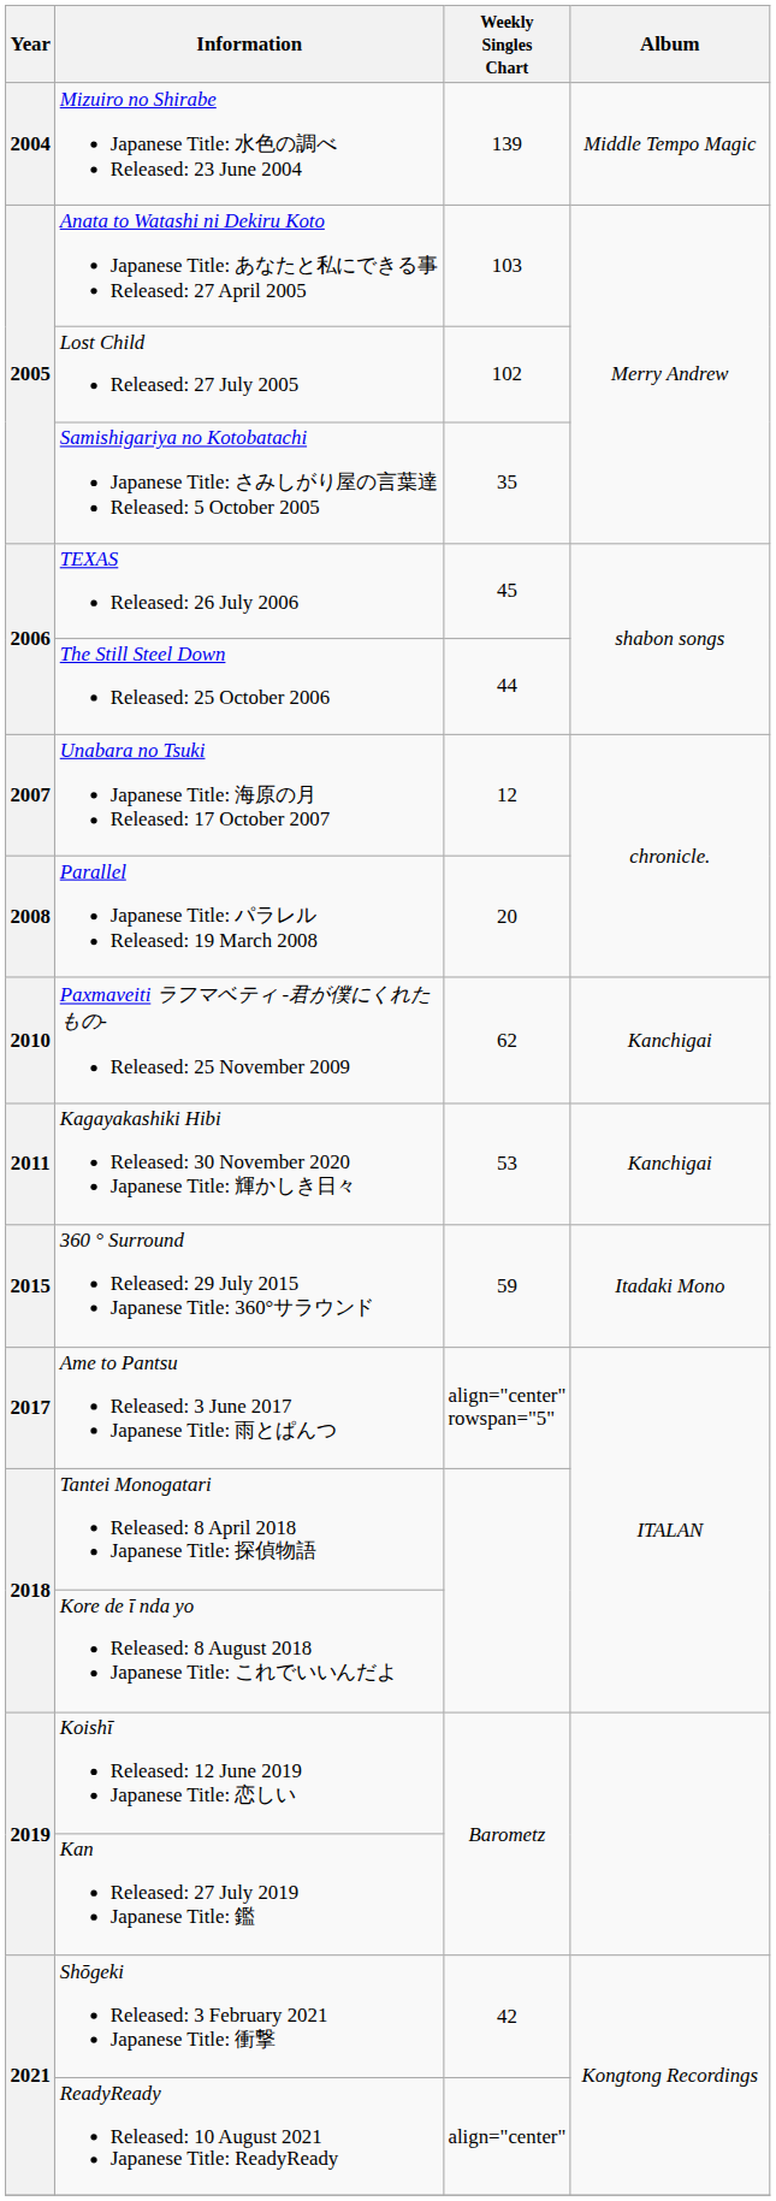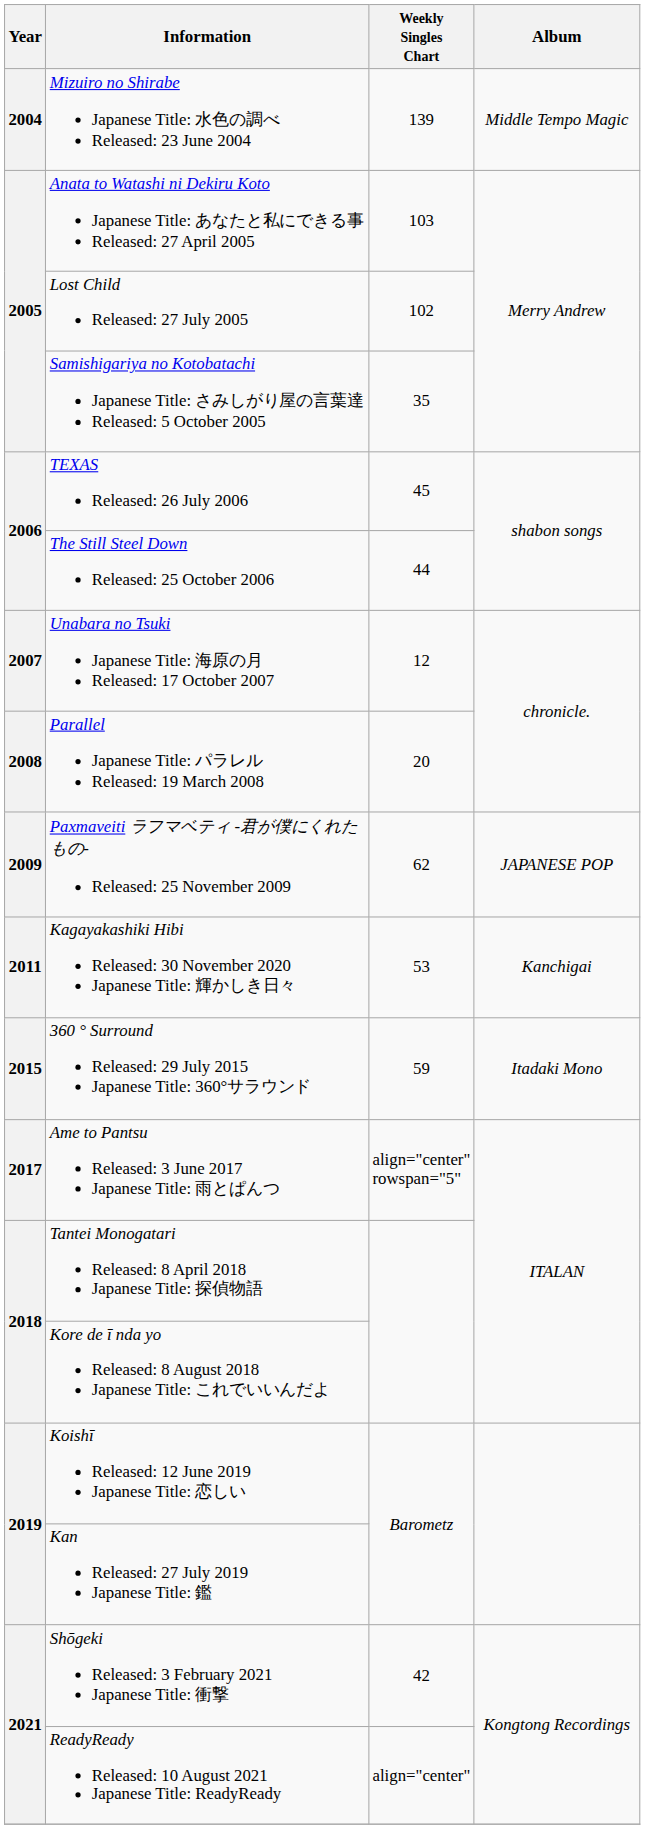 <table class="wikitable">
 <tr>
 <th>Year</th>
 <th width="300px">Information</th>
 <th width="50px"><small>Weekly<br>Singles<br>Chart</small></th>
 <th width="150px">Album</th>
 </tr>
 <tr>
 <th>2004</th>
 <td><em><a href='#'>Mizuiro no Shirabe</a></em><br><ul><li>Japanese Title: 水色の調べ</li><li>Released: 23 June 2004</li></ul></td>
 <td align="center">139</td>
 <td align="center"><em>Middle Tempo Magic</em></td>
 </tr>
 <tr>
 <th rowspan="3">2005</th>
 <td><em><a href='#'>Anata to Watashi ni Dekiru Koto</a></em><br><ul><li>Japanese Title: あなたと私にできる事</li><li>Released: 27 April 2005</li></ul></td>
 <td align="center">103</td>
 <td rowspan="3" align="center"><em>Merry Andrew</em></td>
 </tr>
 <tr>
 <td><em>Lost Child</em><br><ul><li>Released: 27 July 2005</li></ul></td>
 <td align="center">102</td>
 </tr>
 <tr>
 <td><em><a href='#'>Samishigariya no Kotobatachi</a></em><br><ul><li>Japanese Title: さみしがり屋の言葉達</li><li>Released: 5 October 2005</li></ul></td>
 <td align="center">35</td>
 </tr>
 <tr>
 <th rowspan="2">2006</th>
 <td><em><a href='#'>TEXAS</a></em><br><ul><li>Released: 26 July 2006</li></ul></td>
 <td align="center">45</td>
 <td rowspan="2" align="center"><em>shabon songs</em></td>
 </tr>
 <tr>
 <td><em><a href='#'>The Still Steel Down</a></em><br><ul><li>Released: 25 October 2006</li></ul></td>
 <td align="center">44</td>
 </tr>
 <tr>
 <th>2007</th>
 <td><em><a href='#'>Unabara no Tsuki</a></em><br><ul><li>Japanese Title: 海原の月</li><li>Released: 17 October 2007</li></ul></td>
 <td align="center">12</td>
 <td rowspan="2" align="center"><em>chronicle.</em></td>
 </tr>
 <tr>
 <th>2008</th>
 <td><em><a href='#'>Parallel</a></em><br><ul><li>Japanese Title: パラレル</li><li>Released: 19 March 2008</li></ul></td>
 <td align="center">20</td>
 </tr>
 <tr>
-<th>2010</th>
+<th>2009</th>
 <td><em><a href='#'>Paxmaveiti</a> ラフマベティ -君が僕にくれたもの-</em><br><ul><li>Released: 25 November 2009</li></ul></td>
 <td align="center">62</td>
-<td rowspan="1" align="center"><em>Kanchigai</em></td>
+<td rowspan="1" align="center"><em>JAPANESE POP</em></td>
 </tr>
 <tr>
 <th>2011</th>
 <td><em>Kagayakashiki Hibi</em><br><ul><li>Released: 30 November 2020</li><li>Japanese Title: 輝かしき日々</li></ul></td>
 <td align="center">53</td>
 <td rowspan="1" align="center"><em>Kanchigai</em></td>
 </tr>
 <tr>
 <th>2015</th>
 <td><em>360 ° Surround</em><br><ul><li>Released: 29 July 2015</li><li>Japanese Title: 360°サラウンド</li></ul></td>
 <td align="center">59</td>
 <td rowspan="1" align="center"><em>Itadaki Mono</em></td>
 </tr>
 <tr>
 <th>2017</th>
 <td><em>Ame to Pantsu</em><br><ul><li>Released: 3 June 2017</li><li>Japanese Title: 雨とぱんつ</li></ul></td>
 <td>align="center" rowspan="5" </td>
 <td rowspan="3" align="center"><em>ITALAN</em></td>
 </tr>
 <tr>
 <th rowspan="2">2018</th>
 <td><em>Tantei Monogatari</em><br><ul><li>Released: 8 April 2018</li><li>Japanese Title: 探偵物語</li></ul></td>
 </tr>
 <tr>
 <td><em>Kore de ī nda yo</em><br><ul><li>Released: 8 August 2018</li><li>Japanese Title: これでいいんだよ</li></ul></td>
 </tr>
 <tr>
 <th rowspan="2">2019</th>
 <td><em>Koishī</em><br><ul><li>Released: 12 June 2019</li><li>Japanese Title: 恋しい</li></ul></td>
 <td rowspan="2" align="center"><em>Barometz</em></td>
 </tr>
 <tr>
 <td><em>Kan</em><br><ul><li>Released: 27 July 2019</li><li>Japanese Title: 鑑</li></ul></td>
 </tr>
 <tr>
 <th rowspan="2">2021</th>
 <td><em>Shōgeki</em><br><ul><li>Released: 3 February 2021</li><li>Japanese Title: 衝撃</li></ul></td>
 <td align="center">42</td>
 <td rowspan="2" align="center"><em>Kongtong Recordings</em></td>
 </tr>
 <tr>
 <td><em>ReadyReady</em><br><ul><li>Released: 10 August 2021</li><li>Japanese Title: ReadyReady</li></ul></td>
 <td>align="center" </td>
 </tr>
 <tr>
 </tr>
 </table>
